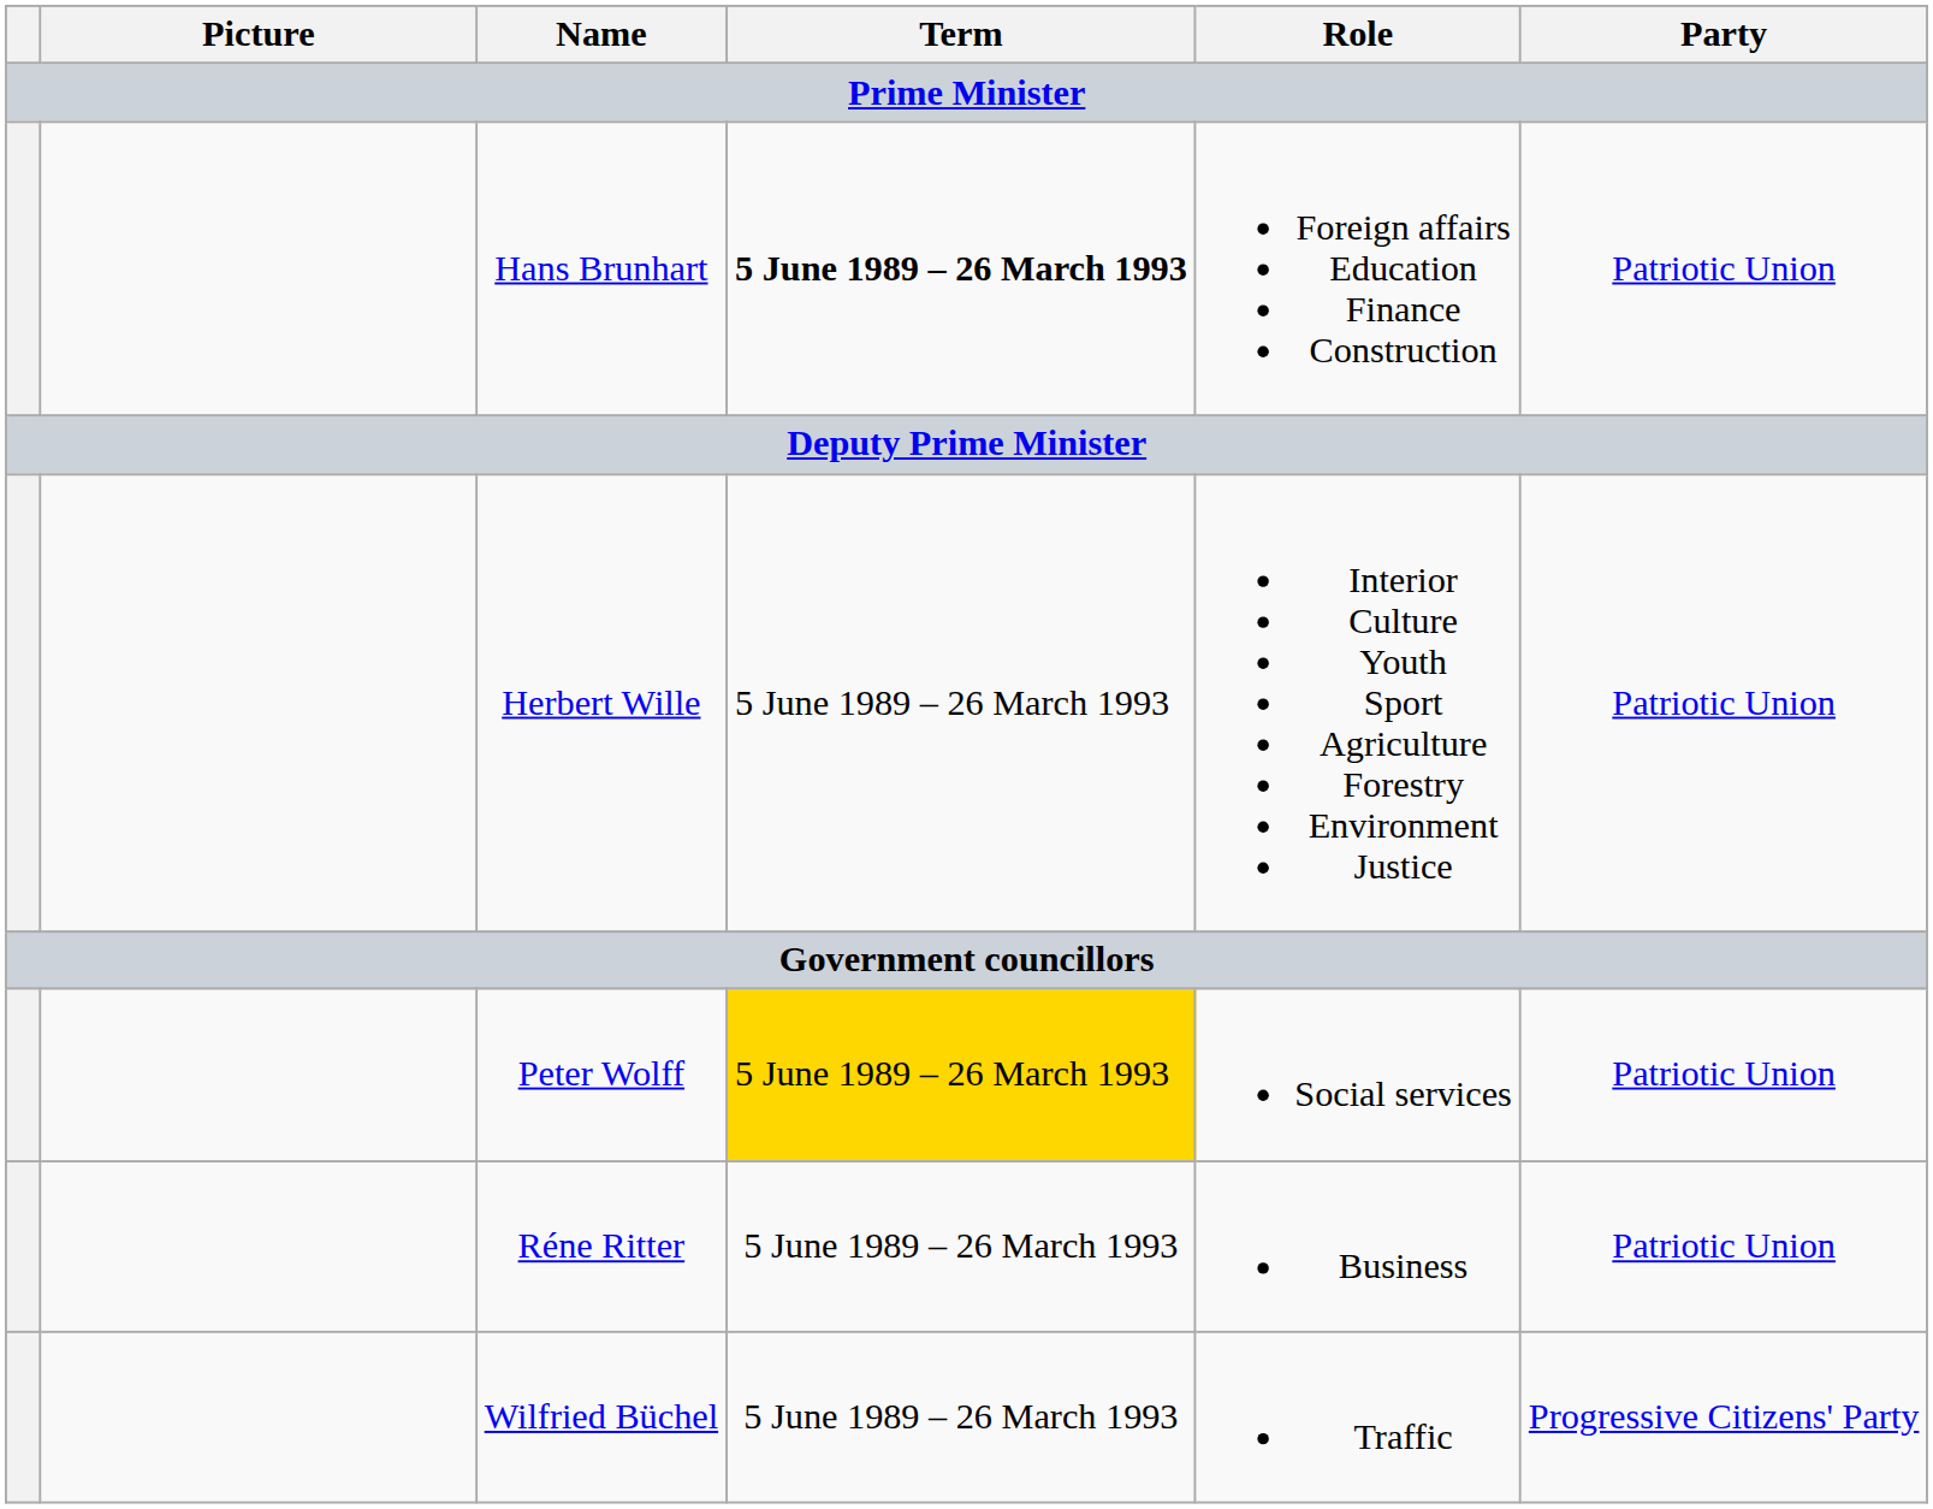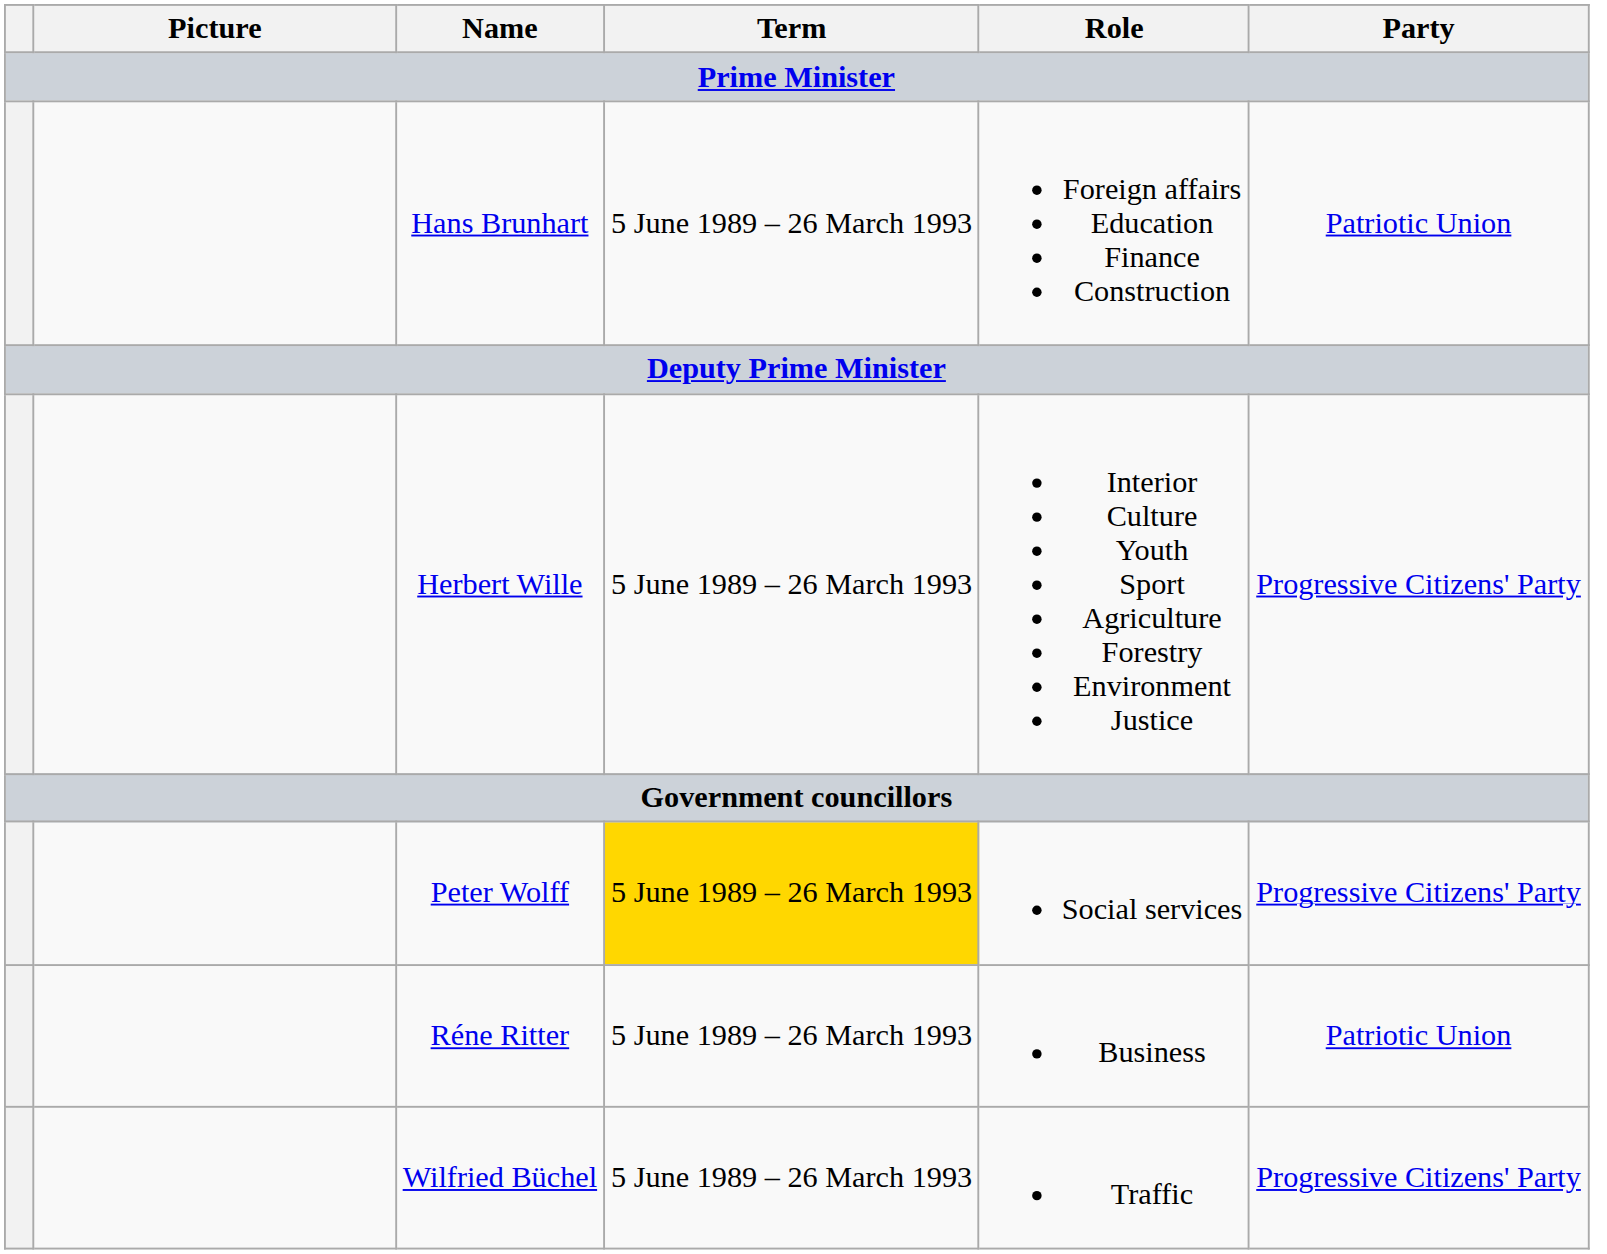 <table class="wikitable" style="text-align:center">
 <tr>
 <th style="width: 0.5em"></th>
 <th style="width: 11.5em">Picture</th>
 <th>Name</th>
 <th>Term</th>
 <th>Role</th>
 <th>Party</th>
 </tr>
 <tr>
 <th colspan="7" style="background:#CCD2D9"><a href='#'>Prime Minister</a></th>
 </tr>
 <tr>
 <th style="background:"></th>
 <td></td>
 <td><a href='#'>Hans Brunhart</a></td>
-<td style="text-align:left"><strong>5 June 1989 – 26 March 1993</strong></td>
+<td style="text-align:left">5 June 1989 – 26 March 1993</td>
 <td><br><ul><li>Foreign affairs</li><li>Education</li><li>Finance</li><li>Construction</li></ul></td>
 <td><a href='#'>Patriotic Union</a></td>
 </tr>
 <tr>
 <th colspan="7" style="background:#CCD2D9"><a href='#'>Deputy Prime Minister</a></th>
 </tr>
 <tr>
 <th style="background:"></th>
 <td></td>
 <td><a href='#'>Herbert Wille</a></td>
 <td style="text-align:left">5 June 1989 – 26 March 1993</td>
 <td><br><ul><li>Interior</li><li>Culture</li><li>Youth</li><li>Sport</li><li>Agriculture</li><li>Forestry</li><li>Environment</li><li>Justice</li></ul></td>
-<td><a href='#'>Patriotic Union</a></td>
+<td><a href='#'>Progressive Citizens' Party</a></td>
 </tr>
 <tr>
 <th colspan="7" style="background:#CCD2D9">Government councillors</th>
 </tr>
 <tr>
 <th style="background:"></th>
 <td></td>
 <td><a href='#'>Peter Wolff</a></td>
 <td style="background: gold; text-align:left">5 June 1989 – 26 March 1993</td>
 <td><br><ul><li>Social services</li></ul></td>
-<td><a href='#'>Patriotic Union</a></td>
+<td><a href='#'>Progressive Citizens' Party</a></td>
 </tr>
 <tr>
 <th style="background:"></th>
 <td></td>
 <td><a href='#'>Réne Ritter</a></td>
 <td>5 June 1989 – 26 March 1993</td>
 <td><br><ul><li>Business</li></ul></td>
 <td><a href='#'>Patriotic Union</a></td>
 </tr>
 <tr>
 <th style="background:"></th>
 <td></td>
 <td><a href='#'>Wilfried Büchel</a></td>
 <td>5 June 1989 – 26 March 1993</td>
 <td><br><ul><li>Traffic</li></ul></td>
 <td><a href='#'>Progressive Citizens' Party</a></td>
 </tr>
 </table>
